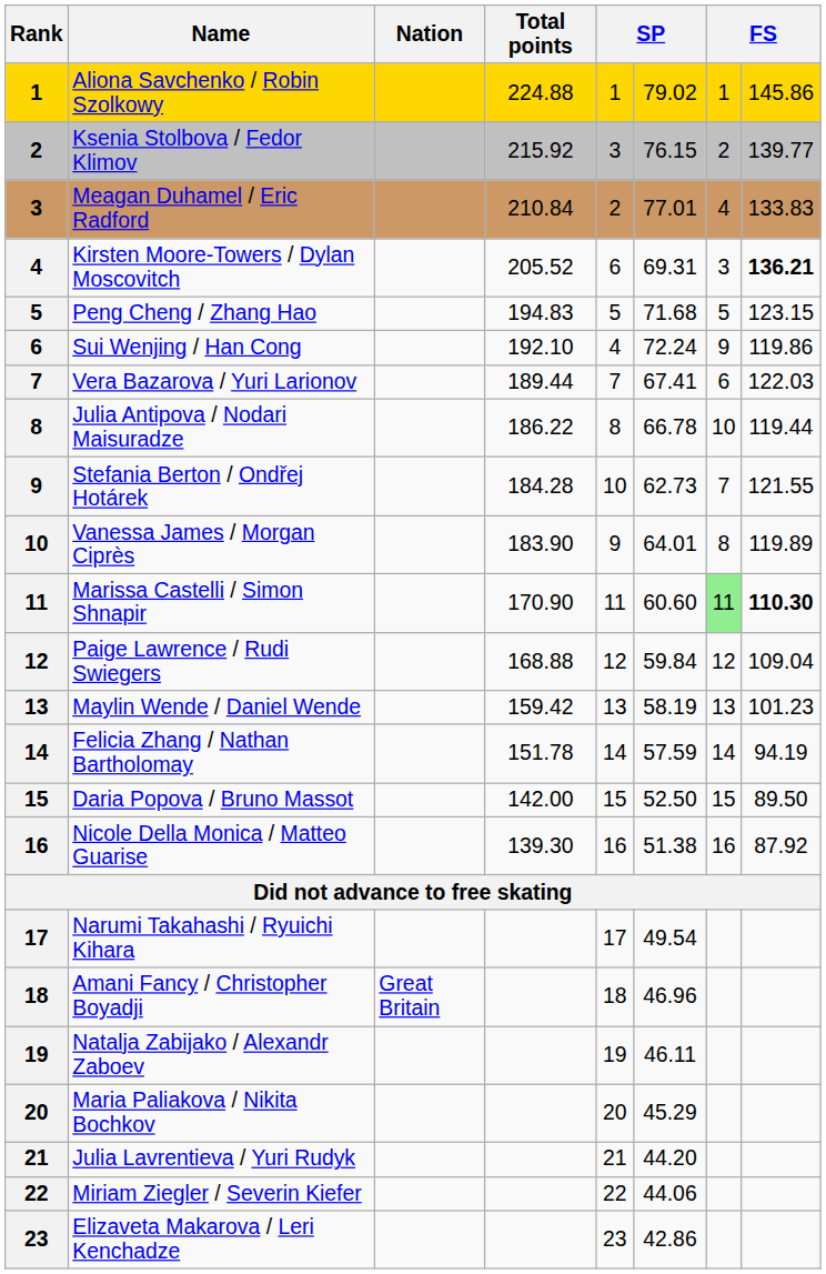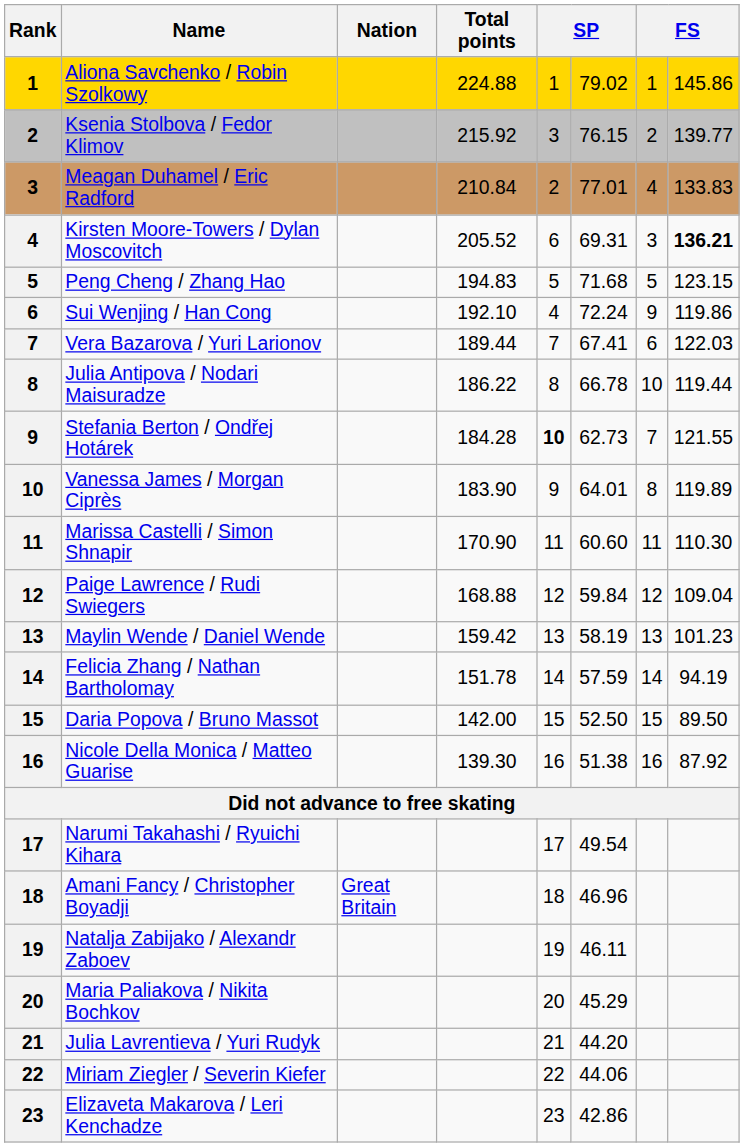 <table class="wikitable sortable">
 <tr>
 <th>Rank</th>
 <th>Name</th>
 <th>Nation</th>
 <th>Total points</th>
 <th colspan="2" width="80px"><a href='#'>SP</a></th>
 <th colspan="2" width="80px"><a href='#'>FS</a></th>
 </tr>
 <tr bgcolor="gold">
 <td align="center"><strong>1</strong></td>
 <td><a href='#'>Aliona Savchenko</a> / <a href='#'>Robin Szolkowy</a></td>
 <td></td>
 <td align="center">224.88</td>
 <td align="center">1</td>
 <td align="center">79.02</td>
 <td align="center">1</td>
 <td align="center">145.86</td>
 </tr>
 <tr bgcolor="silver">
 <td align="center"><strong>2</strong></td>
 <td><a href='#'>Ksenia Stolbova</a> / <a href='#'>Fedor Klimov</a></td>
 <td></td>
 <td align="center">215.92</td>
 <td align="center">3</td>
 <td align="center">76.15</td>
 <td align="center">2</td>
 <td align="center">139.77</td>
 </tr>
 <tr bgcolor="cc9966">
 <td align="center"><strong>3</strong></td>
 <td><a href='#'>Meagan Duhamel</a> / <a href='#'>Eric Radford</a></td>
 <td></td>
 <td align="center">210.84</td>
 <td align="center">2</td>
 <td align="center">77.01</td>
 <td align="center">4</td>
 <td align="center">133.83</td>
 </tr>
 <tr>
 <th>4</th>
 <td><a href='#'>Kirsten Moore-Towers</a> / <a href='#'>Dylan Moscovitch</a></td>
 <td></td>
 <td align="center">205.52</td>
 <td align="center">6</td>
 <td align="center">69.31</td>
 <td align="center">3</td>
 <td align="center"><strong>136.21</strong></td>
 </tr>
 <tr>
 <th>5</th>
 <td><a href='#'>Peng Cheng</a> / <a href='#'>Zhang Hao</a></td>
 <td></td>
 <td align="center">194.83</td>
 <td align="center">5</td>
 <td align="center">71.68</td>
 <td align="center">5</td>
 <td align="center">123.15</td>
 </tr>
 <tr>
 <th>6</th>
 <td><a href='#'>Sui Wenjing</a> / <a href='#'>Han Cong</a></td>
 <td></td>
 <td align="center">192.10</td>
 <td align="center">4</td>
 <td align="center">72.24</td>
 <td align="center">9</td>
 <td align="center">119.86</td>
 </tr>
 <tr>
 <th>7</th>
 <td><a href='#'>Vera Bazarova</a> / <a href='#'>Yuri Larionov</a></td>
 <td></td>
 <td align="center">189.44</td>
 <td align="center">7</td>
 <td align="center">67.41</td>
 <td align="center">6</td>
 <td align="center">122.03</td>
 </tr>
 <tr>
 <th>8</th>
 <td><a href='#'>Julia Antipova</a> / <a href='#'>Nodari Maisuradze</a></td>
 <td></td>
 <td align="center">186.22</td>
 <td align="center">8</td>
 <td align="center">66.78</td>
 <td align="center">10</td>
 <td align="center">119.44</td>
 </tr>
 <tr>
 <th>9</th>
 <td><a href='#'>Stefania Berton</a> / <a href='#'>Ondřej Hotárek</a></td>
 <td></td>
 <td align="center">184.28</td>
-<td align="center">10</td>
+<td align="center"><strong>10</strong></td>
 <td align="center">62.73</td>
 <td align="center">7</td>
 <td align="center">121.55</td>
 </tr>
 <tr>
 <th>10</th>
 <td><a href='#'>Vanessa James</a> / <a href='#'>Morgan Ciprès</a></td>
 <td></td>
 <td align="center">183.90</td>
 <td align="center">9</td>
 <td align="center">64.01</td>
 <td align="center">8</td>
 <td align="center">119.89</td>
 </tr>
 <tr>
 <th>11</th>
 <td><a href='#'>Marissa Castelli</a> / <a href='#'>Simon Shnapir</a></td>
 <td></td>
 <td align="center">170.90</td>
 <td align="center">11</td>
 <td align="center">60.60</td>
-<td align="center" style="background: lightgreen;">11</td>
-<td align="center"><strong>110.30</strong></td>
+<td align="center">11</td>
+<td align="center">110.30</td>
 </tr>
 <tr>
 <th>12</th>
 <td><a href='#'>Paige Lawrence</a> / <a href='#'>Rudi Swiegers</a></td>
 <td></td>
 <td align="center">168.88</td>
 <td align="center">12</td>
 <td align="center">59.84</td>
 <td align="center">12</td>
 <td align="center">109.04</td>
 </tr>
 <tr>
 <th>13</th>
 <td><a href='#'>Maylin Wende</a> / <a href='#'>Daniel Wende</a></td>
 <td></td>
 <td align="center">159.42</td>
 <td align="center">13</td>
 <td align="center">58.19</td>
 <td align="center">13</td>
 <td align="center">101.23</td>
 </tr>
 <tr>
 <th>14</th>
 <td><a href='#'>Felicia Zhang</a> / <a href='#'>Nathan Bartholomay</a></td>
 <td></td>
 <td align="center">151.78</td>
 <td align="center">14</td>
 <td align="center">57.59</td>
 <td align="center">14</td>
 <td align="center">94.19</td>
 </tr>
 <tr>
 <th>15</th>
 <td><a href='#'>Daria Popova</a> / <a href='#'>Bruno Massot</a></td>
 <td></td>
 <td align="center">142.00</td>
 <td align="center">15</td>
 <td align="center">52.50</td>
 <td align="center">15</td>
 <td align="center">89.50</td>
 </tr>
 <tr>
 <th>16</th>
 <td><a href='#'>Nicole Della Monica</a> / <a href='#'>Matteo Guarise</a></td>
 <td></td>
 <td align="center">139.30</td>
 <td align="center">16</td>
 <td align="center">51.38</td>
 <td align="center">16</td>
 <td align="center">87.92</td>
 </tr>
 <tr>
 <th colspan="10">Did not advance to free skating</th>
 </tr>
 <tr>
 <th>17</th>
 <td><a href='#'>Narumi Takahashi</a> / <a href='#'>Ryuichi Kihara</a></td>
 <td></td>
 <td align="center"></td>
 <td align="center">17</td>
 <td align="center">49.54</td>
 <td align="center"></td>
 <td align="center"></td>
 </tr>
 <tr>
 <th>18</th>
 <td><a href='#'>Amani Fancy</a> / <a href='#'>Christopher Boyadji</a></td>
 <td> <a href='#'>Great Britain</a></td>
 <td align="center"></td>
 <td align="center">18</td>
 <td align="center">46.96</td>
 <td align="center"></td>
 <td align="center"></td>
 </tr>
 <tr>
 <th>19</th>
 <td><a href='#'>Natalja Zabijako</a> / <a href='#'>Alexandr Zaboev</a></td>
 <td></td>
 <td align="center"></td>
 <td align="center">19</td>
 <td align="center">46.11</td>
 <td align="center"></td>
 <td align="center"></td>
 </tr>
 <tr>
 <th>20</th>
 <td><a href='#'>Maria Paliakova</a> / <a href='#'>Nikita Bochkov</a></td>
 <td></td>
 <td align="center"></td>
 <td align="center">20</td>
 <td align="center">45.29</td>
 <td align="center"></td>
 <td align="center"></td>
 </tr>
 <tr>
 <th>21</th>
 <td><a href='#'>Julia Lavrentieva</a> / <a href='#'>Yuri Rudyk</a></td>
 <td></td>
 <td align="center"></td>
 <td align="center">21</td>
 <td align="center">44.20</td>
 <td align="center"></td>
 <td align="center"></td>
 </tr>
 <tr>
 <th>22</th>
 <td><a href='#'>Miriam Ziegler</a> / <a href='#'>Severin Kiefer</a></td>
 <td></td>
 <td align="center"></td>
 <td align="center">22</td>
 <td align="center">44.06</td>
 <td align="center"></td>
 <td align="center"></td>
 </tr>
 <tr>
 <th>23</th>
 <td><a href='#'>Elizaveta Makarova</a> / <a href='#'>Leri Kenchadze</a></td>
 <td></td>
 <td align="center"></td>
 <td align="center">23</td>
 <td align="center">42.86</td>
 <td align="center"></td>
 <td align="center"></td>
 </tr>
 </table>
